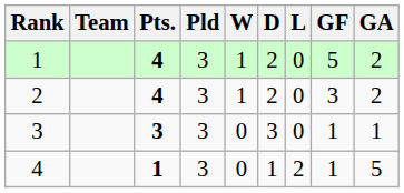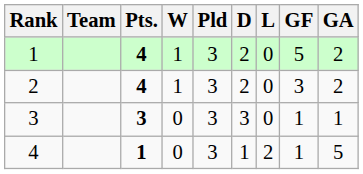 <table class=wikitable>
 <tr>
 <th>Rank</th>
 <th>Team</th>
 <th>Pts.</th>
+<th>W</th>
 <th>Pld</th>
-<th>W</th>
 <th>D</th>
 <th>L</th>
 <th>GF</th>
 <th>GA</th>
 </tr>
 <tr align=center style="background:#ccffcc;">
 <td>1</td>
 <td align=left></td>
 <td><strong>4</strong></td>
+<td>1</td>
 <td>3</td>
-<td>1</td>
 <td>2</td>
 <td>0</td>
 <td>5</td>
 <td>2</td>
 </tr>
 <tr align=center>
 <td>2</td>
 <td align=left></td>
 <td><strong>4</strong></td>
+<td>1</td>
 <td>3</td>
-<td>1</td>
 <td>2</td>
 <td>0</td>
 <td>3</td>
 <td>2</td>
 </tr>
 <tr align=center>
 <td>3</td>
 <td align=left></td>
 <td><strong>3</strong></td>
+<td>0</td>
 <td>3</td>
-<td>0</td>
 <td>3</td>
 <td>0</td>
 <td>1</td>
 <td>1</td>
 </tr>
 <tr align=center>
 <td>4</td>
 <td align=left></td>
 <td><strong>1</strong></td>
+<td>0</td>
 <td>3</td>
-<td>0</td>
 <td>1</td>
 <td>2</td>
 <td>1</td>
 <td>5</td>
 </tr>
 </table>
